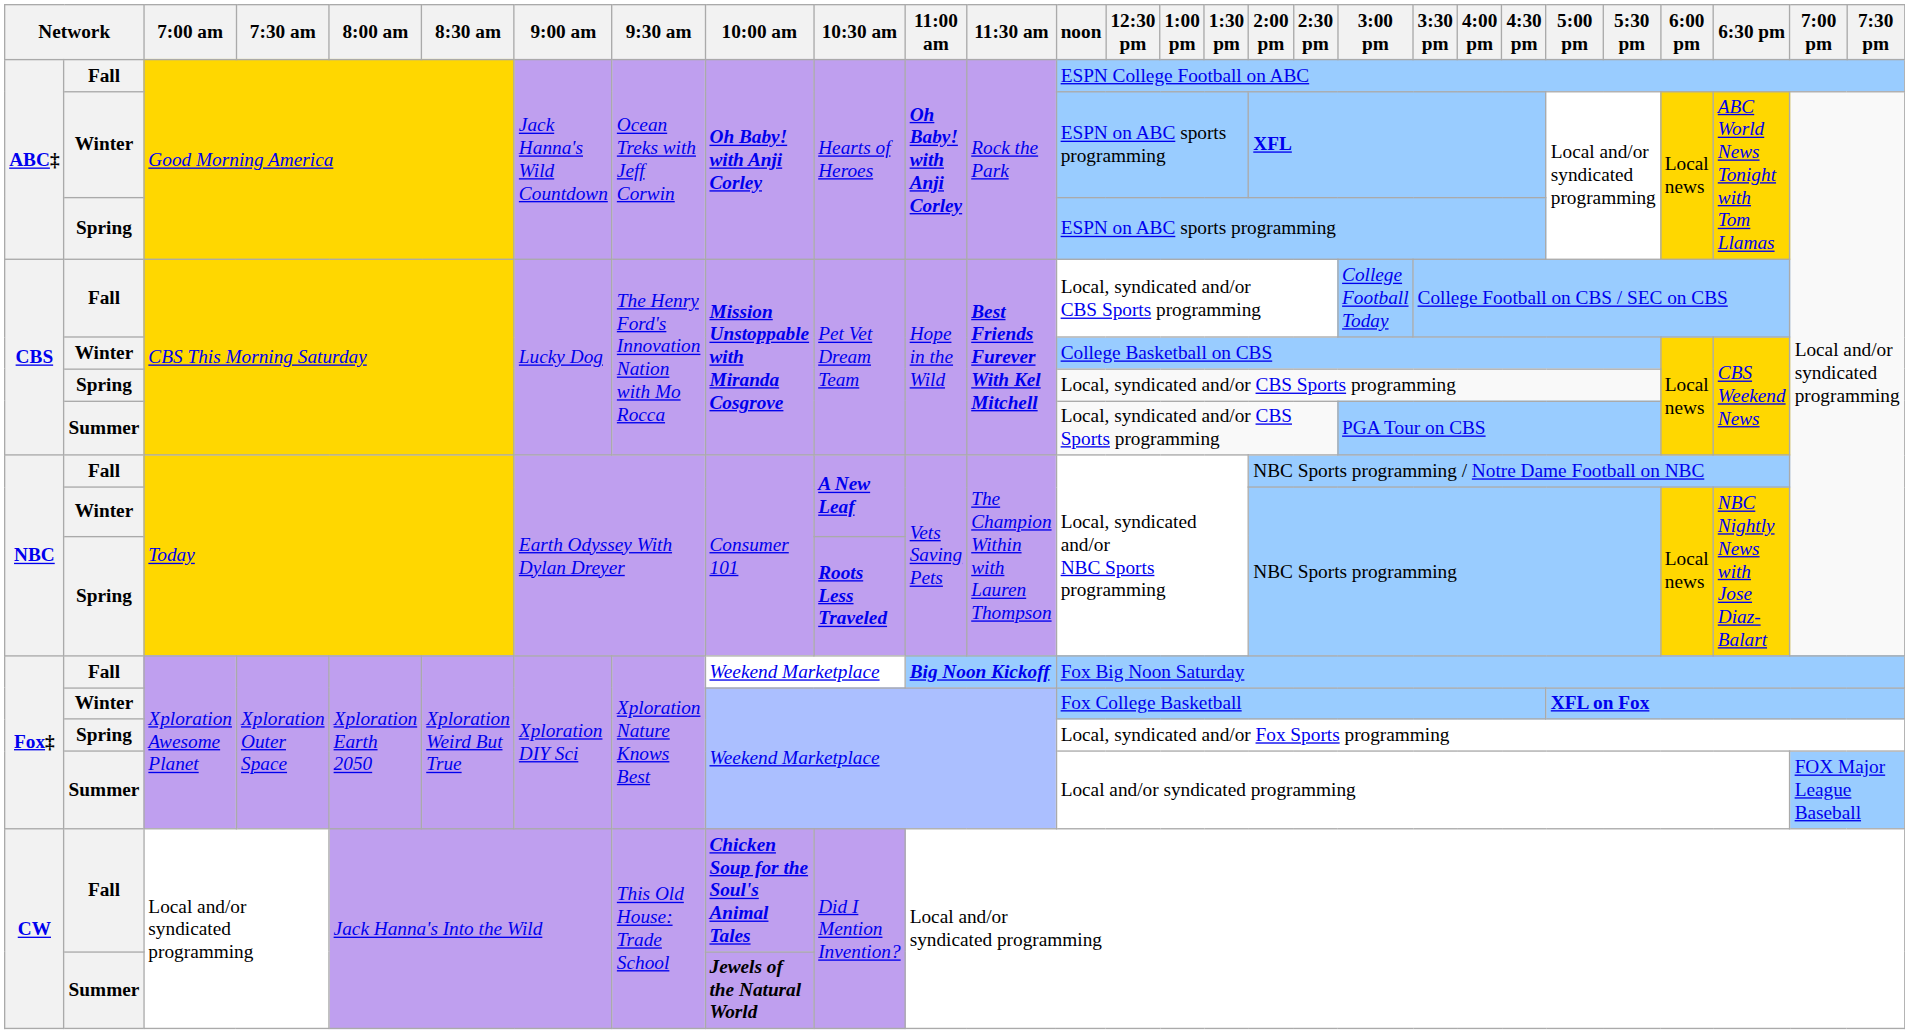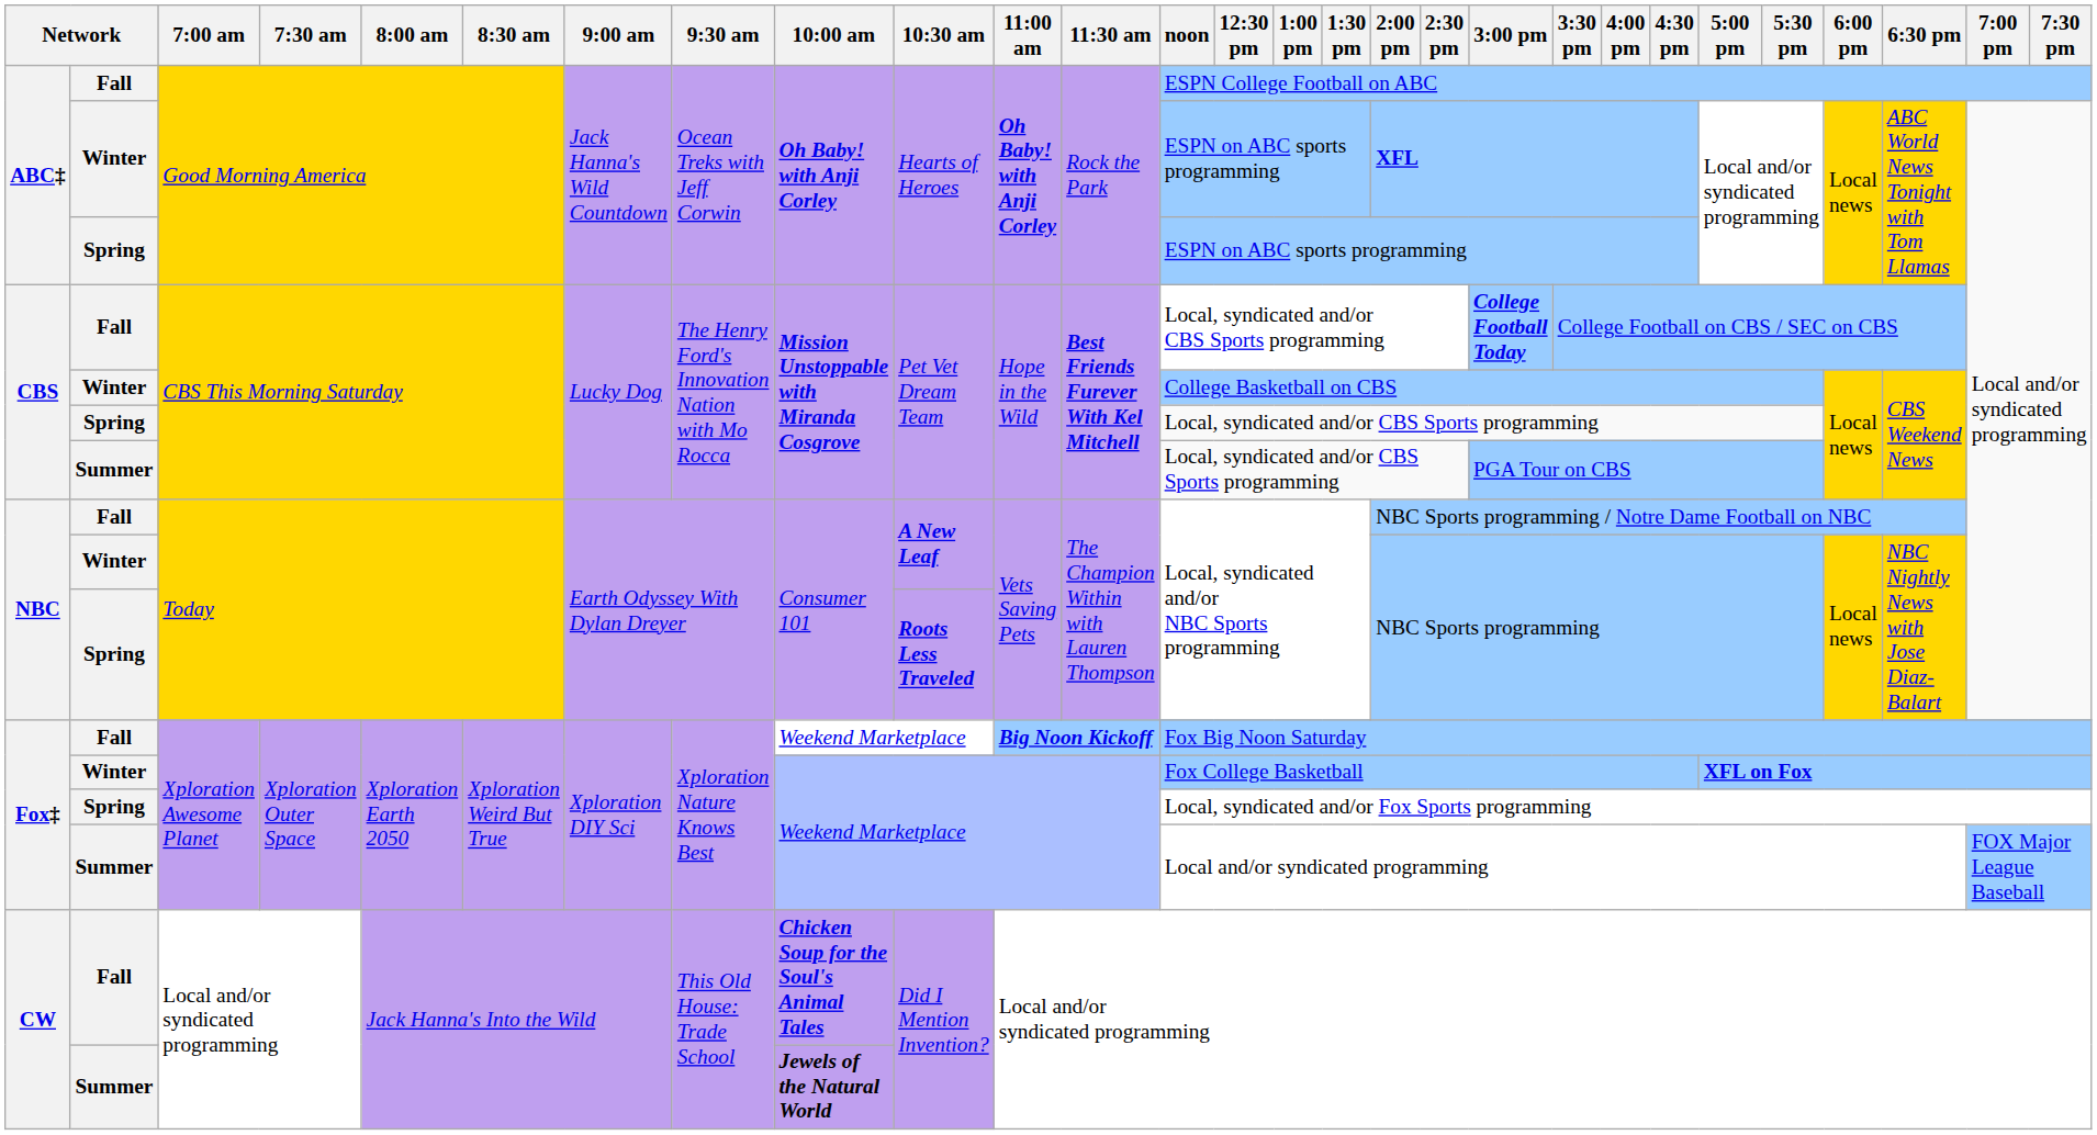 <table class=wikitable style="font-size:90%">
 <tr>
 <th width="1.5%" bgcolor="#C0C0C0" colspan="2">Network</th>
 <th width="4%" bgcolor="#C0C0C0">7:00 am</th>
 <th width="4%" bgcolor="#C0C0C0">7:30 am</th>
 <th width="4%" bgcolor="#C0C0C0">8:00 am</th>
 <th width="4%" bgcolor="#C0C0C0">8:30 am</th>
 <th width="4%" bgcolor="#C0C0C0">9:00 am</th>
 <th width="4%" bgcolor="#C0C0C0">9:30 am</th>
 <th width="4%" bgcolor="#C0C0C0">10:00 am</th>
 <th width="4%" bgcolor="#C0C0C0">10:30 am</th>
 <th width="4%" bgcolor="#C0C0C0">11:00 am</th>
 <th width="4%" bgcolor="#C0C0C0">11:30 am</th>
 <th width="4%" bgcolor="#C0C0C0">noon</th>
 <th width="4%" bgcolor="#C0C0C0">12:30 pm</th>
 <th width="4%" bgcolor="#C0C0C0">1:00 pm</th>
 <th width="4%" bgcolor="#C0C0C0">1:30 pm</th>
 <th width="4%" bgcolor="#C0C0C0">2:00 pm</th>
 <th width="4%" bgcolor="#C0C0C0">2:30 pm</th>
 <th width="4%" bgcolor="#C0C0C0">3:00 pm</th>
 <th width="4%" bgcolor="#C0C0C0">3:30 pm</th>
 <th width="4%" bgcolor="#C0C0C0">4:00 pm</th>
 <th width="4%" bgcolor="#C0C0C0">4:30 pm</th>
 <th width="4%" bgcolor="#C0C0C0">5:00 pm</th>
 <th width="4%" bgcolor="#C0C0C0">5:30 pm</th>
 <th width="4%" bgcolor="#C0C0C0">6:00 pm</th>
 <th width="4%" bgcolor="#C0C0C0">6:30 pm</th>
 <th width="4%" bgcolor="#C0C0C0">7:00 pm</th>
 <th width="4%" bgcolor="#C0C0C0">7:30 pm</th>
 </tr>
 <tr>
 <th bgcolor="#C0C0C0" rowspan="3"><a href='#'>ABC</a>‡</th>
 <th>Fall</th>
 <td bgcolor="gold" colspan="4" rowspan="3"><em><a href='#'>Good Morning America</a></em></td>
 <td bgcolor="bf9fef"rowspan="3"><em><a href='#'>Jack Hanna's Wild Countdown</a></em></td>
 <td bgcolor="bf9fef"rowspan="3"><em><a href='#'>Ocean Treks with Jeff Corwin</a></em></td>
 <td bgcolor="bf9fef"rowspan="3"><strong><em><a href='#'>Oh Baby! with Anji Corley</a></em></strong></td>
 <td bgcolor="bf9fef"rowspan="3"><em><a href='#'>Hearts of Heroes</a></em></td>
 <td bgcolor="bf9fef"rowspan="3"><strong><em><a href='#'>Oh Baby! with Anji Corley</a></em></strong></td>
 <td bgcolor="bf9fef"rowspan="3"><em><a href='#'>Rock the Park</a></em></td>
 <td colspan="16" bgcolor="#99ccff"><a href='#'>ESPN College Football on ABC</a></td>
 </tr>
 <tr>
 <th>Winter</th>
 <td bgcolor="#99ccff" colspan="4"><a href='#'>ESPN on ABC</a> sports programming</td>
 <td bgcolor="#99ccff" colspan="6"><strong><a href='#'>XFL</a></strong></td>
 <td bgcolor="white" rowspan="2"colspan="2">Local and/or syndicated programming</td>
 <td bgcolor="gold"rowspan="2">Local news</td>
 <td bgcolor="gold"rowspan="2"><em><a href='#'>ABC World News Tonight with Tom Llamas</a></em></td>
 <td colspan="2" rowspan="9">Local and/or syndicated programming</td>
 </tr>
 <tr>
 <th>Spring</th>
 <td bgcolor="#99ccff" colspan="10"><a href='#'>ESPN on ABC</a> sports programming</td>
 </tr>
 <tr>
 <th rowspan="4" bgcolor="#C0C0C0"><a href='#'>CBS</a></th>
 <th>Fall</th>
 <td colspan="4" rowspan="4" bgcolor="gold"><em><a href='#'>CBS This Morning Saturday</a></em></td>
 <td rowspan="4" bgcolor="bf9fef"><em><a href='#'>Lucky Dog</a></em></td>
 <td rowspan="4" bgcolor="bf9fef"><em><a href='#'>The Henry Ford's Innovation Nation with Mo Rocca</a></em></td>
 <td rowspan="4" bgcolor="bf9fef"><strong><em><a href='#'>Mission Unstoppable with Miranda Cosgrove</a></em></strong></td>
 <td rowspan="4" bgcolor="bf9fef"><em><a href='#'>Pet Vet Dream Team</a></em></td>
 <td rowspan="4" bgcolor="bf9fef"><em><a href='#'>Hope in the Wild</a></em></td>
 <td rowspan="4" bgcolor="bf9fef"><strong><em><a href='#'>Best Friends Furever With Kel Mitchell</a></em></strong></td>
 <td bgcolor="white" colspan="6">Local, syndicated and/or<br><a href='#'>CBS Sports</a> programming</td>
-<td bgcolor="#99ccff"><em><a href='#'>College Football Today</a></em></td>
+<td bgcolor="#99ccff"><strong><em><a href='#'>College Football Today</a></em></strong></td>
 <td bgcolor="#99ccff" colspan="7"><a href='#'>College Football on CBS / SEC on CBS</a></td>
 </tr>
 <tr>
 <th>Winter</th>
 <td bgcolor="#99ccff" colspan="12"><a href='#'>College Basketball on CBS</a></td>
 <td bgcolor="gold"rowspan="3">Local news</td>
 <td rowspan="3" bgcolor="gold"><em><a href='#'>CBS Weekend News</a></em></td>
 </tr>
 <tr>
 <th>Spring</th>
 <td colspan="12">Local, syndicated and/or <a href='#'>CBS Sports</a> programming</td>
 </tr>
 <tr>
 <th>Summer</th>
 <td colspan="6">Local, syndicated and/or <a href='#'>CBS Sports</a> programming</td>
 <td colspan="6"  bgcolor="#99ccff"><a href='#'>PGA Tour on CBS</a></td>
 </tr>
 <tr>
 <th bgcolor="#C0C0C0" rowspan="3"><a href='#'>NBC</a></th>
 <th>Fall</th>
 <td bgcolor="gold" colspan="4" rowspan="3"><em><a href='#'>Today</a></em></td>
 <td bgcolor="bf9fef"colspan="2"rowspan="3"><em><a href='#'>Earth Odyssey With Dylan Dreyer</a></em></td>
 <td bgcolor="bf9fef"rowspan="3"><em><a href='#'>Consumer 101</a></em></td>
 <td bgcolor="bf9fef"rowspan="2"><strong><em><a href='#'>A New Leaf</a></em></strong></td>
 <td bgcolor="bf9fef"rowspan="3"><em><a href='#'>Vets Saving Pets</a></em></td>
 <td bgcolor="bf9fef"rowspan="3"><em><a href='#'>The Champion Within with Lauren Thompson</a></em></td>
 <td bgcolor="white" colspan="4" rowspan="3">Local, syndicated and/or<br><a href='#'>NBC Sports</a> programming</td>
 <td bgcolor="#99ccff" colspan="10"rowspan="1">NBC Sports programming / <a href='#'>Notre Dame Football on NBC</a></td>
 </tr>
 <tr>
 <th>Winter</th>
 <td bgcolor="#99ccff" rowspan="2"colspan="8">NBC Sports programming</td>
 <td bgcolor="gold"rowspan="2">Local news</td>
 <td bgcolor="gold"rowspan="2"><em><a href='#'>NBC Nightly News with Jose Diaz-Balart</a></em></td>
 </tr>
 <tr>
 <th>Spring</th>
 <td bgcolor="bf9fef"rowspan="1"><strong><em><a href='#'>Roots Less Traveled</a></em></strong></td>
 </tr>
 <tr>
 <th rowspan="4" bgcolor="#C0C0C0"><a href='#'>Fox</a>‡</th>
 <th>Fall</th>
 <td rowspan="4" bgcolor="bf9fef"><em><a href='#'>Xploration Awesome Planet</a></em></td>
 <td rowspan="4" bgcolor="bf9fef"><em><a href='#'>Xploration Outer Space</a></em></td>
 <td rowspan="4" bgcolor="bf9fef"><em><a href='#'>Xploration Earth 2050</a></em></td>
 <td rowspan="4" bgcolor="bf9fef"><em><a href='#'>Xploration Weird But True</a></em></td>
 <td rowspan="4" bgcolor="bf9fef"><em><a href='#'>Xploration DIY Sci</a></em></td>
 <td rowspan="4" bgcolor="bf9fef"><em><a href='#'>Xploration Nature Knows Best</a></em></td>
 <td bgcolor="white" colspan="2" bgcolor="#abbfff"><em><a href='#'>Weekend Marketplace</a></em></td>
 <td bgcolor="#99ccff" colspan="2"><strong><em><a href='#'>Big Noon Kickoff</a></em></strong></td>
 <td colspan="16" bgcolor="#99ccff"><a href='#'>Fox Big Noon Saturday</a></td>
 </tr>
 <tr>
 <th>Winter</th>
 <td colspan="4" rowspan="3" bgcolor="#abbfff"><em><a href='#'>Weekend Marketplace</a></em></td>
 <td bgcolor="#99ccff" colspan="10"><a href='#'>Fox College Basketball</a></td>
 <td colspan="6" bgcolor="#99ccff"><strong><a href='#'>XFL on Fox</a></strong></td>
 </tr>
 <tr>
 <th>Spring</th>
 <td bgcolor="white" colspan="16">Local, syndicated and/or <a href='#'>Fox Sports</a> programming</td>
 </tr>
 <tr>
 <th>Summer</th>
 <td colspan="14" bgcolor=white>Local and/or syndicated programming</td>
 <td bgcolor="#99ccff" colspan="2"><a href='#'>FOX Major League Baseball</a></td>
 </tr>
 <tr>
 <th bgcolor="#C0C0C0" rowspan="2"><a href='#'>CW</a></th>
 <th>Fall</th>
 <td bgcolor="white" colspan="2" rowspan="2">Local and/or<br>syndicated programming</td>
 <td bgcolor="bf9fef"colspan="3"rowspan="2"><em><a href='#'>Jack Hanna's Into the Wild</a></em></td>
 <td bgcolor="bf9fef"rowspan="2"><em><a href='#'>This Old House: Trade School</a></em></td>
 <td bgcolor="bf9fef"rowspan="1"><strong><em><a href='#'>Chicken Soup for the Soul's Animal Tales</a></em></strong></td>
 <td bgcolor="bf9fef"rowspan="2"><em><a href='#'>Did I Mention Invention?</a></em></td>
 <td colspan="18" rowspan="2" bgcolor="white">Local and/or<br>syndicated programming</td>
 </tr>
 <tr>
 <th>Summer</th>
 <td bgcolor="bf9fef"rowspan="1"><strong><em>Jewels of the Natural World</em></strong></td>
 </tr>
 </table>
